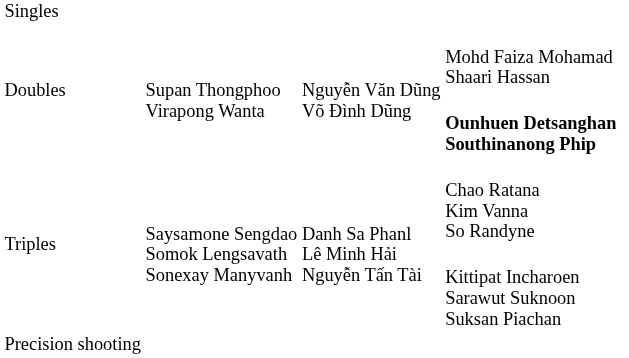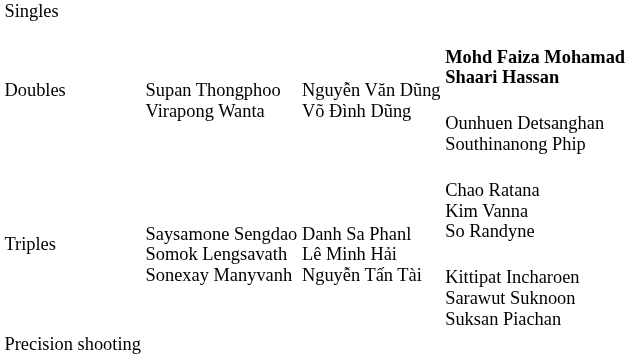 <table>
 <tr>
 <td rowspan=2>Singles</td>
 <td rowspan=2></td>
 <td rowspan="2"></td>
 <td></td>
 </tr>
 <tr>
 <td nowrap></td>
 </tr>
 <tr>
 <td rowspan="2">Doubles</td>
 <td rowspan="2"><br>Supan Thongphoo<br>Virapong Wanta</td>
 <td rowspan="2"><br>Nguyễn Văn Dũng<br>Võ Đình Dũng</td>
-<td><br>Mohd Faiza Mohamad <br> Shaari Hassan</td>
+<td><strong><br>Mohd Faiza Mohamad <br> Shaari Hassan</strong></td>
 </tr>
 <tr>
-<td><strong><br>Ounhuen Detsanghan <br> Southinanong Phip</strong></td>
+<td><br>Ounhuen Detsanghan <br> Southinanong Phip</td>
 </tr>
 <tr>
 <td rowspan="2">Triples</td>
 <td rowspan="2" nowrap><br>Saysamone Sengdao <br> Somok Lengsavath <br> Sonexay Manyvanh</td>
 <td rowspan="2"><br>Danh Sa Phanl <br> Lê Minh Hải <br> Nguyễn Tấn Tài</td>
 <td><br>Chao Ratana <br> Kim Vanna <br> So Randyne</td>
 </tr>
 <tr>
 <td><br>Kittipat Incharoen <br> Sarawut Suknoon <br> Suksan Piachan</td>
 </tr>
 <tr>
 <td rowspan="2">Precision shooting</td>
 <td rowspan="2"></td>
 <td rowspan="2" nowrap></td>
 <td></td>
 </tr>
 <tr>
 <td></td>
 </tr>
 </table>
